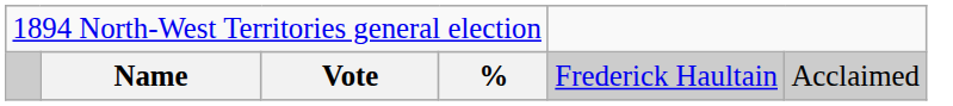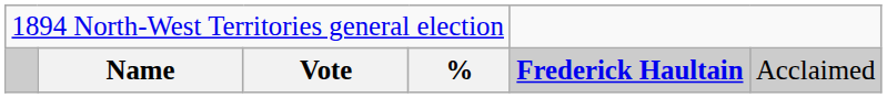 <table class="wikitable">
 <tr>
 <td colspan=4 align=center><a href='#'>1894 North-West Territories general election</a></td>
 </tr>
 <tr bgcolor="CCCCCC">
 <td></td>
 <th>Name</th>
 <th>Vote</th>
 <th>%<br></th>
-<td><a href='#'>Frederick Haultain</a></td>
+<td><strong><a href='#'>Frederick Haultain</a></strong></td>
 <td colspan="2" align=center>Acclaimed</td>
 </tr>
 </table>
